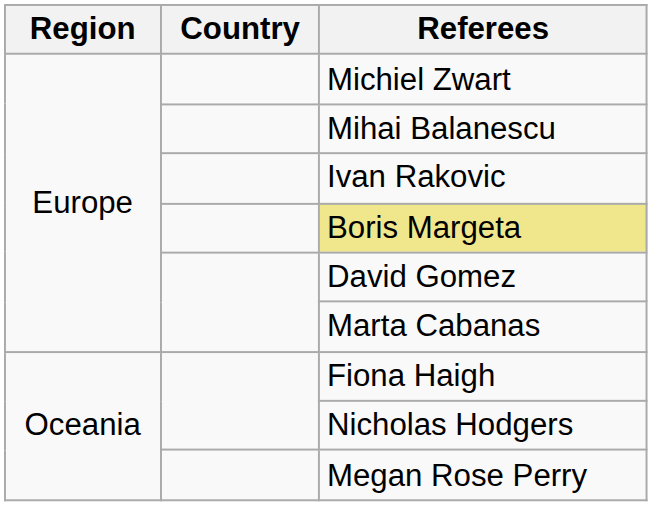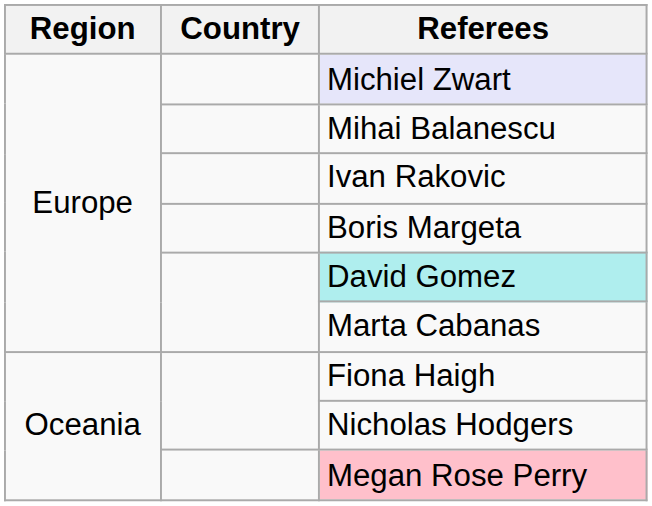 <table class="wikitable" style="width: 330px;">
 <tr>
 <th>Region</th>
 <th>Country</th>
 <th>Referees</th>
 </tr>
 <tr>
 <td align=center rowspan=6>Europe</td>
 <td></td>
-<td>Michiel Zwart</td>
+<td style="background: lavender;">Michiel Zwart</td>
 </tr>
 <tr>
 <td></td>
 <td>Mihai Balanescu</td>
 </tr>
 <tr>
 <td></td>
 <td>Ivan Rakovic</td>
 </tr>
 <tr>
 <td></td>
-<td style="background: khaki;">Boris Margeta</td>
+<td>Boris Margeta</td>
 </tr>
 <tr>
 <td rowspan=2></td>
-<td>David Gomez</td>
+<td style="background: paleturquoise;">David Gomez</td>
 </tr>
 <tr>
 <td>Marta Cabanas</td>
 </tr>
 <tr>
 <td align=center rowspan=3>Oceania</td>
 <td rowspan=2></td>
 <td>Fiona Haigh</td>
 </tr>
 <tr>
 <td>Nicholas Hodgers</td>
 </tr>
 <tr>
 <td></td>
-<td>Megan Rose Perry</td>
+<td style="background: pink;">Megan Rose Perry</td>
 </tr>
 </table>
